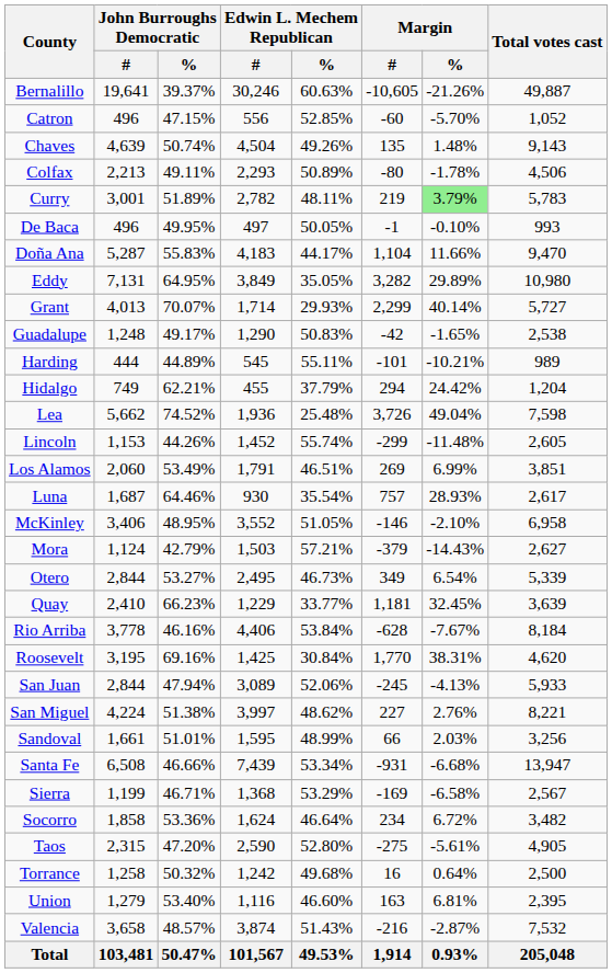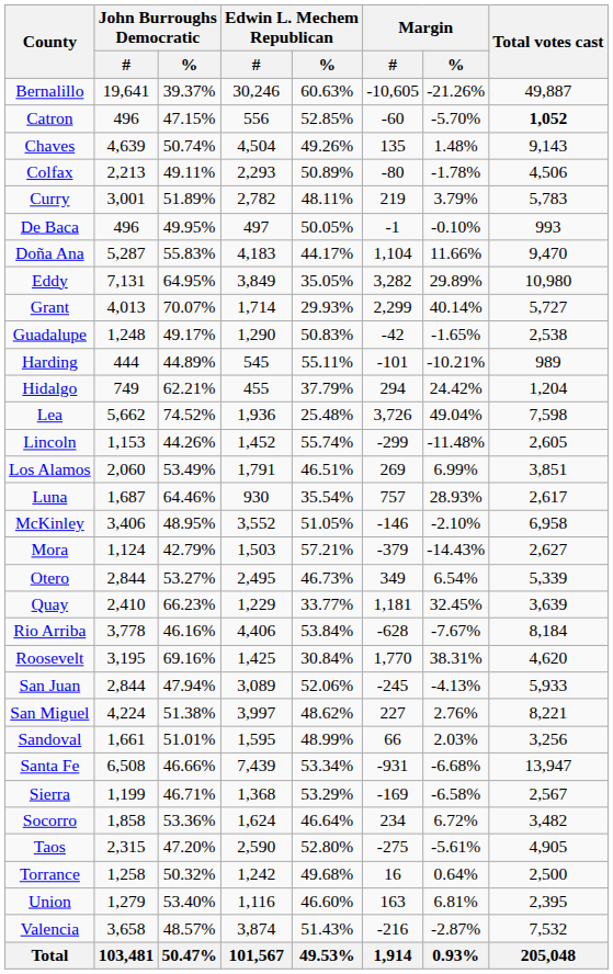 <table class="wikitable sortable" style="text-align:center">
 <tr>
 <th style="text-align:center;" rowspan="2">County</th>
 <th style="text-align:center;" colspan="2">John Burroughs<br>Democratic</th>
 <th style="text-align:center;" colspan="2">Edwin L. Mechem<br>Republican</th>
 <th style="text-align:center;" colspan="2">Margin</th>
 <th style="text-align:center;" rowspan="2">Total votes cast</th>
 </tr>
 <tr>
 <th style="text-align:center;" data-sort-type="number">#</th>
 <th style="text-align:center;" data-sort-type="number">%</th>
 <th style="text-align:center;" data-sort-type="number">#</th>
 <th style="text-align:center;" data-sort-type="number">%</th>
 <th style="text-align:center;" data-sort-type="number">#</th>
 <th style="text-align:center;" data-sort-type="number">%</th>
 </tr>
 <tr style="text-align:center;">
 <td><a href='#'>Bernalillo</a></td>
 <td>19,641</td>
 <td>39.37%</td>
 <td>30,246</td>
 <td>60.63%</td>
 <td>-10,605</td>
 <td>-21.26%</td>
 <td>49,887</td>
 </tr>
 <tr style="text-align:center;">
 <td><a href='#'>Catron</a></td>
 <td>496</td>
 <td>47.15%</td>
 <td>556</td>
 <td>52.85%</td>
 <td>-60</td>
 <td>-5.70%</td>
-<td>1,052</td>
+<td><strong>1,052</strong></td>
 </tr>
 <tr style="text-align:center;">
 <td><a href='#'>Chaves</a></td>
 <td>4,639</td>
 <td>50.74%</td>
 <td>4,504</td>
 <td>49.26%</td>
 <td>135</td>
 <td>1.48%</td>
 <td>9,143</td>
 </tr>
 <tr style="text-align:center;">
 <td><a href='#'>Colfax</a></td>
 <td>2,213</td>
 <td>49.11%</td>
 <td>2,293</td>
 <td>50.89%</td>
 <td>-80</td>
 <td>-1.78%</td>
 <td>4,506</td>
 </tr>
 <tr style="text-align:center;">
 <td><a href='#'>Curry</a></td>
 <td>3,001</td>
 <td>51.89%</td>
 <td>2,782</td>
 <td>48.11%</td>
 <td>219</td>
-<td style="background: lightgreen;">3.79%</td>
+<td>3.79%</td>
 <td>5,783</td>
 </tr>
 <tr style="text-align:center;">
 <td><a href='#'>De Baca</a></td>
 <td>496</td>
 <td>49.95%</td>
 <td>497</td>
 <td>50.05%</td>
 <td>-1</td>
 <td>-0.10%</td>
 <td>993</td>
 </tr>
 <tr style="text-align:center;">
 <td><a href='#'>Doña Ana</a></td>
 <td>5,287</td>
 <td>55.83%</td>
 <td>4,183</td>
 <td>44.17%</td>
 <td>1,104</td>
 <td>11.66%</td>
 <td>9,470</td>
 </tr>
 <tr style="text-align:center;">
 <td><a href='#'>Eddy</a></td>
 <td>7,131</td>
 <td>64.95%</td>
 <td>3,849</td>
 <td>35.05%</td>
 <td>3,282</td>
 <td>29.89%</td>
 <td>10,980</td>
 </tr>
 <tr style="text-align:center;">
 <td><a href='#'>Grant</a></td>
 <td>4,013</td>
 <td>70.07%</td>
 <td>1,714</td>
 <td>29.93%</td>
 <td>2,299</td>
 <td>40.14%</td>
 <td>5,727</td>
 </tr>
 <tr style="text-align:center;">
 <td><a href='#'>Guadalupe</a></td>
 <td>1,248</td>
 <td>49.17%</td>
 <td>1,290</td>
 <td>50.83%</td>
 <td>-42</td>
 <td>-1.65%</td>
 <td>2,538</td>
 </tr>
 <tr style="text-align:center;">
 <td><a href='#'>Harding</a></td>
 <td>444</td>
 <td>44.89%</td>
 <td>545</td>
 <td>55.11%</td>
 <td>-101</td>
 <td>-10.21%</td>
 <td>989</td>
 </tr>
 <tr style="text-align:center;">
 <td><a href='#'>Hidalgo</a></td>
 <td>749</td>
 <td>62.21%</td>
 <td>455</td>
 <td>37.79%</td>
 <td>294</td>
 <td>24.42%</td>
 <td>1,204</td>
 </tr>
 <tr style="text-align:center;">
 <td><a href='#'>Lea</a></td>
 <td>5,662</td>
 <td>74.52%</td>
 <td>1,936</td>
 <td>25.48%</td>
 <td>3,726</td>
 <td>49.04%</td>
 <td>7,598</td>
 </tr>
 <tr style="text-align:center;">
 <td><a href='#'>Lincoln</a></td>
 <td>1,153</td>
 <td>44.26%</td>
 <td>1,452</td>
 <td>55.74%</td>
 <td>-299</td>
 <td>-11.48%</td>
 <td>2,605</td>
 </tr>
 <tr style="text-align:center;">
 <td><a href='#'>Los Alamos</a></td>
 <td>2,060</td>
 <td>53.49%</td>
 <td>1,791</td>
 <td>46.51%</td>
 <td>269</td>
 <td>6.99%</td>
 <td>3,851</td>
 </tr>
 <tr style="text-align:center;">
 <td><a href='#'>Luna</a></td>
 <td>1,687</td>
 <td>64.46%</td>
 <td>930</td>
 <td>35.54%</td>
 <td>757</td>
 <td>28.93%</td>
 <td>2,617</td>
 </tr>
 <tr style="text-align:center;">
 <td><a href='#'>McKinley</a></td>
 <td>3,406</td>
 <td>48.95%</td>
 <td>3,552</td>
 <td>51.05%</td>
 <td>-146</td>
 <td>-2.10%</td>
 <td>6,958</td>
 </tr>
 <tr style="text-align:center;">
 <td><a href='#'>Mora</a></td>
 <td>1,124</td>
 <td>42.79%</td>
 <td>1,503</td>
 <td>57.21%</td>
 <td>-379</td>
 <td>-14.43%</td>
 <td>2,627</td>
 </tr>
 <tr style="text-align:center;">
 <td><a href='#'>Otero</a></td>
 <td>2,844</td>
 <td>53.27%</td>
 <td>2,495</td>
 <td>46.73%</td>
 <td>349</td>
 <td>6.54%</td>
 <td>5,339</td>
 </tr>
 <tr style="text-align:center;">
 <td><a href='#'>Quay</a></td>
 <td>2,410</td>
 <td>66.23%</td>
 <td>1,229</td>
 <td>33.77%</td>
 <td>1,181</td>
 <td>32.45%</td>
 <td>3,639</td>
 </tr>
 <tr style="text-align:center;">
 <td><a href='#'>Rio Arriba</a></td>
 <td>3,778</td>
 <td>46.16%</td>
 <td>4,406</td>
 <td>53.84%</td>
 <td>-628</td>
 <td>-7.67%</td>
 <td>8,184</td>
 </tr>
 <tr style="text-align:center;">
 <td><a href='#'>Roosevelt</a></td>
 <td>3,195</td>
 <td>69.16%</td>
 <td>1,425</td>
 <td>30.84%</td>
 <td>1,770</td>
 <td>38.31%</td>
 <td>4,620</td>
 </tr>
 <tr style="text-align:center;">
 <td><a href='#'>San Juan</a></td>
 <td>2,844</td>
 <td>47.94%</td>
 <td>3,089</td>
 <td>52.06%</td>
 <td>-245</td>
 <td>-4.13%</td>
 <td>5,933</td>
 </tr>
 <tr style="text-align:center;">
 <td><a href='#'>San Miguel</a></td>
 <td>4,224</td>
 <td>51.38%</td>
 <td>3,997</td>
 <td>48.62%</td>
 <td>227</td>
 <td>2.76%</td>
 <td>8,221</td>
 </tr>
 <tr style="text-align:center;">
 <td><a href='#'>Sandoval</a></td>
 <td>1,661</td>
 <td>51.01%</td>
 <td>1,595</td>
 <td>48.99%</td>
 <td>66</td>
 <td>2.03%</td>
 <td>3,256</td>
 </tr>
 <tr style="text-align:center;">
 <td><a href='#'>Santa Fe</a></td>
 <td>6,508</td>
 <td>46.66%</td>
 <td>7,439</td>
 <td>53.34%</td>
 <td>-931</td>
 <td>-6.68%</td>
 <td>13,947</td>
 </tr>
 <tr style="text-align:center;">
 <td><a href='#'>Sierra</a></td>
 <td>1,199</td>
 <td>46.71%</td>
 <td>1,368</td>
 <td>53.29%</td>
 <td>-169</td>
 <td>-6.58%</td>
 <td>2,567</td>
 </tr>
 <tr style="text-align:center;">
 <td><a href='#'>Socorro</a></td>
 <td>1,858</td>
 <td>53.36%</td>
 <td>1,624</td>
 <td>46.64%</td>
 <td>234</td>
 <td>6.72%</td>
 <td>3,482</td>
 </tr>
 <tr style="text-align:center;">
 <td><a href='#'>Taos</a></td>
 <td>2,315</td>
 <td>47.20%</td>
 <td>2,590</td>
 <td>52.80%</td>
 <td>-275</td>
 <td>-5.61%</td>
 <td>4,905</td>
 </tr>
 <tr style="text-align:center;">
 <td><a href='#'>Torrance</a></td>
 <td>1,258</td>
 <td>50.32%</td>
 <td>1,242</td>
 <td>49.68%</td>
 <td>16</td>
 <td>0.64%</td>
 <td>2,500</td>
 </tr>
 <tr style="text-align:center;">
 <td><a href='#'>Union</a></td>
 <td>1,279</td>
 <td>53.40%</td>
 <td>1,116</td>
 <td>46.60%</td>
 <td>163</td>
 <td>6.81%</td>
 <td>2,395</td>
 </tr>
 <tr style="text-align:center;">
 <td><a href='#'>Valencia</a></td>
 <td>3,658</td>
 <td>48.57%</td>
 <td>3,874</td>
 <td>51.43%</td>
 <td>-216</td>
 <td>-2.87%</td>
 <td>7,532</td>
 </tr>
 <tr style="text-align:center;">
 <th>Total</th>
 <th>103,481</th>
 <th>50.47%</th>
 <th>101,567</th>
 <th>49.53%</th>
 <th>1,914</th>
 <th>0.93%</th>
 <th>205,048</th>
 </tr>
 </table>
